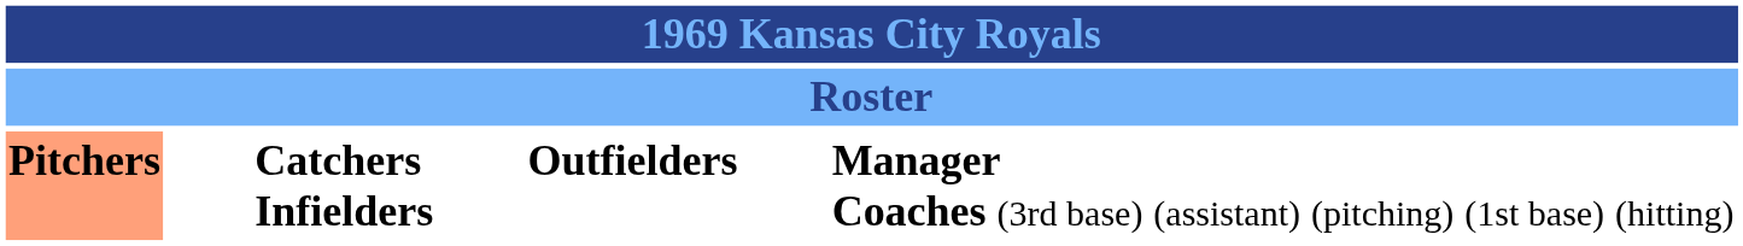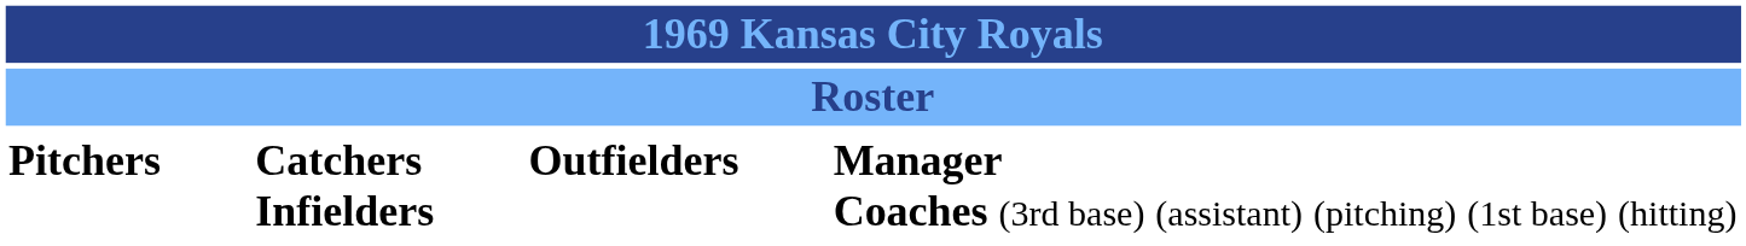 <table class="toccolours" style="font-size: 95%;">
 <tr>
 <th colspan="10" style="background-color: #27408B; color: #74B4FA; text-align: center;">1969 Kansas City Royals</th>
 </tr>
 <tr>
 <td colspan="10" style="background-color: #74B4FA; color: #27408B; text-align: center;"><strong>Roster</strong></td>
 </tr>
 <tr>
-<td valign="top" style="background: lightsalmon;"><strong>Pitchers</strong><br>               </td>
+<td valign="top"><strong>Pitchers</strong><br>               </td>
 <td width="25px"></td>
 <td valign="top"><strong>Catchers</strong><br>     <strong>Infielders</strong>         </td>
 <td width="25px"></td>
 <td valign="top"><strong>Outfielders</strong><br>        </td>
 <td width="25px"></td>
 <td valign="top"><strong>Manager</strong><br> <strong>Coaches</strong>  <small>(3rd base)</small>  <small>(assistant)</small>  <small>(pitching)</small>  <small>(1st base)</small>  <small>(hitting)</small></td>
 </tr>
 <tr>
 </tr>
 </table>
